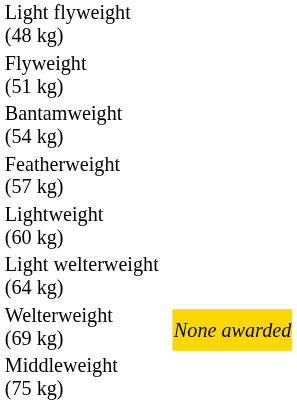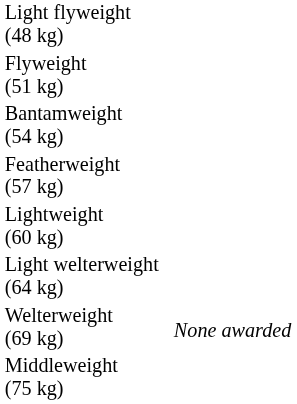 <table>
 <tr>
 <td rowspan=2>Light flyweight<br>(48 kg)</td>
 <td rowspan=2></td>
 <td rowspan=2></td>
 <td></td>
 </tr>
 <tr>
 <td></td>
 </tr>
 <tr>
 <td rowspan=2>Flyweight<br>(51 kg)</td>
 <td rowspan=2></td>
 <td rowspan=2></td>
 <td></td>
 </tr>
 <tr>
 <td></td>
 </tr>
 <tr>
 <td rowspan=2>Bantamweight<br>(54 kg)</td>
 <td rowspan=2></td>
 <td rowspan=2></td>
 <td></td>
 </tr>
 <tr>
 <td></td>
 </tr>
 <tr>
 <td rowspan=2>Featherweight<br>(57 kg)</td>
 <td rowspan=2></td>
 <td rowspan=2></td>
 <td></td>
 </tr>
 <tr>
 <td></td>
 </tr>
 <tr>
 <td rowspan=2>Lightweight<br>(60 kg)</td>
 <td rowspan=2></td>
 <td rowspan=2></td>
 <td></td>
 </tr>
 <tr>
 <td></td>
 </tr>
 <tr>
 <td rowspan=2>Light welterweight<br>(64 kg)</td>
 <td rowspan=2></td>
 <td rowspan=2></td>
 <td></td>
 </tr>
 <tr>
 <td></td>
 </tr>
 <tr>
 <td rowspan=2>Welterweight<br>(69 kg)</td>
 <td rowspan=2></td>
 <td rowspan=2></td>
 <td></td>
 </tr>
 <tr>
-<td style="background: gold;"><em>None awarded</em></td>
+<td><em>None awarded</em></td>
 </tr>
 <tr>
 <td rowspan=2>Middleweight<br>(75 kg)</td>
 <td rowspan=2></td>
 <td rowspan=2></td>
 <td></td>
 </tr>
 <tr>
 <td></td>
 </tr>
 </table>
